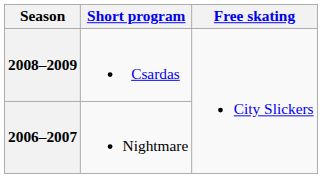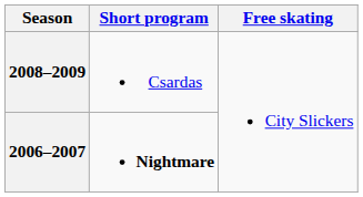 <table class=wikitable style=text-align:center>
 <tr>
 <th>Season</th>
 <th><a href='#'>Short program</a></th>
 <th><a href='#'>Free skating</a></th>
 </tr>
 <tr>
 <th>2008–2009 <br></th>
 <td><br><ul><li><a href='#'>Csardas</a> <br></li></ul></td>
 <td rowspan=2><br><ul><li><a href='#'>City Slickers</a> <br></li></ul></td>
 </tr>
 <tr>
 <th>2006–2007 <br></th>
-<td><br><ul><li>Nightmare <br></li></ul></td>
+<td><strong><br><ul><li>Nightmare <br></li></ul></strong></td>
 </tr>
 </table>
